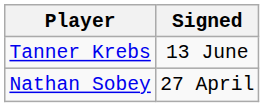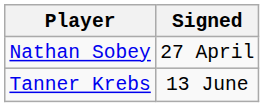 <table class="wikitable sortable sortable" style="text-align: center">
 <tr>
 <th>Player</th>
 <th>Signed</th>
 </tr>
 <tr>
+<td><a href='#'>Nathan Sobey</a></td>
+<td>27 April</td>
+</tr>
+<tr>
 <td><a href='#'>Tanner Krebs</a></td>
 <td>13 June</td>
 </tr>
-<tr>
-<td><a href='#'>Nathan Sobey</a></td>
-<td>27 April</td>
-</tr>
 </table>
